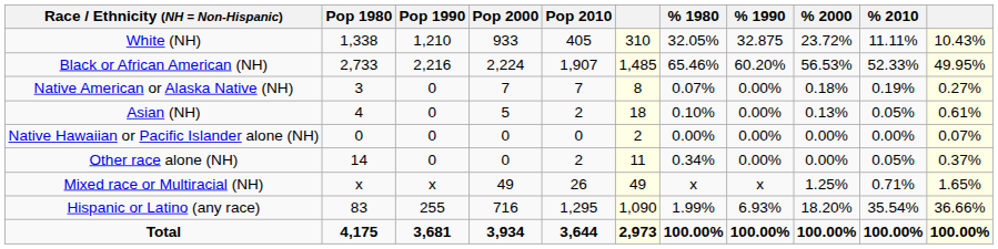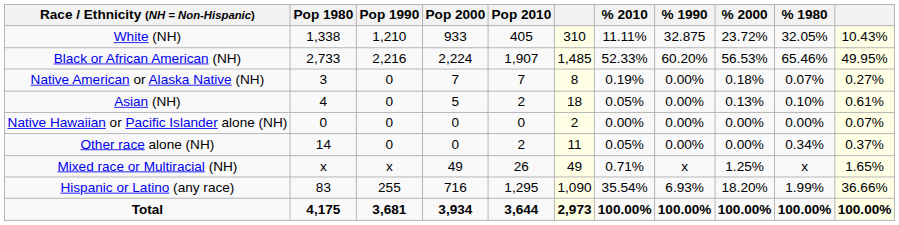 <table class="wikitable" style="text-align:center;">
 <tr>
 <th>Race / Ethnicity <small>(<em>NH = Non-Hispanic</em>)</small></th>
 <th>Pop 1980</th>
 <th>Pop 1990</th>
 <th>Pop 2000</th>
 <th>Pop 2010</th>
 <th></th>
-<th>% 1980</th>
+<th>% 2010</th>
 <th>% 1990</th>
 <th>% 2000</th>
-<th>% 2010</th>
+<th>% 1980</th>
 <th></th>
 </tr>
 <tr>
 <td><a href='#'>White</a> (NH)</td>
 <td>1,338</td>
 <td>1,210</td>
 <td>933</td>
 <td>405</td>
 <td style='background: #ffffe6;'>310</td>
-<td>32.05%</td>
+<td>11.11%</td>
 <td>32.875</td>
 <td>23.72%</td>
-<td>11.11%</td>
+<td>32.05%</td>
 <td style='background: #ffffe6;'>10.43%</td>
 </tr>
 <tr>
 <td><a href='#'>Black or African American</a> (NH)</td>
 <td>2,733</td>
 <td>2,216</td>
 <td>2,224</td>
 <td>1,907</td>
 <td style='background: #ffffe6;'>1,485</td>
-<td>65.46%</td>
+<td>52.33%</td>
 <td>60.20%</td>
 <td>56.53%</td>
-<td>52.33%</td>
+<td>65.46%</td>
 <td style='background: #ffffe6;'>49.95%</td>
 </tr>
 <tr>
 <td><a href='#'>Native American</a> or <a href='#'>Alaska Native</a> (NH)</td>
 <td>3 </td>
 <td>0</td>
 <td>7</td>
 <td>7</td>
 <td style='background: #ffffe6;'>8</td>
-<td>0.07%</td>
+<td>0.19%</td>
 <td>0.00%</td>
 <td>0.18%</td>
-<td>0.19%</td>
+<td>0.07%</td>
 <td style='background: #ffffe6;'>0.27%</td>
 </tr>
 <tr>
 <td><a href='#'>Asian</a> (NH)</td>
 <td>4 </td>
 <td>0</td>
 <td>5</td>
 <td>2</td>
 <td style='background: #ffffe6;'>18</td>
-<td>0.10%</td>
+<td>0.05%</td>
 <td>0.00%</td>
 <td>0.13%</td>
-<td>0.05%</td>
+<td>0.10%</td>
 <td style='background: #ffffe6;'>0.61%</td>
 </tr>
 <tr>
 <td><a href='#'>Native Hawaiian</a> or <a href='#'>Pacific Islander</a> alone (NH)</td>
 <td>0 </td>
 <td>0</td>
 <td>0</td>
 <td>0</td>
 <td style='background: #ffffe6;'>2</td>
 <td>0.00%</td>
 <td>0.00%</td>
 <td>0.00%</td>
 <td>0.00%</td>
 <td style='background: #ffffe6;'>0.07%</td>
 </tr>
 <tr>
 <td><a href='#'>Other race</a> alone (NH)</td>
 <td>14 </td>
 <td>0</td>
 <td>0</td>
 <td>2</td>
 <td style='background: #ffffe6;'>11</td>
-<td>0.34%</td>
+<td>0.05%</td>
 <td>0.00%</td>
 <td>0.00%</td>
-<td>0.05%</td>
+<td>0.34%</td>
 <td style='background: #ffffe6;'>0.37%</td>
 </tr>
 <tr>
 <td><a href='#'>Mixed race or Multiracial</a> (NH)</td>
 <td>x </td>
 <td>x </td>
 <td>49</td>
 <td>26</td>
 <td style='background: #ffffe6;'>49</td>
-<td>x</td>
+<td>0.71%</td>
 <td>x</td>
 <td>1.25%</td>
-<td>0.71%</td>
+<td>x</td>
 <td style='background: #ffffe6;'>1.65%</td>
 </tr>
 <tr>
 <td><a href='#'>Hispanic or Latino</a> (any race)</td>
 <td>83</td>
 <td>255</td>
 <td>716</td>
 <td>1,295</td>
 <td style='background: #ffffe6;'>1,090</td>
-<td>1.99%</td>
+<td>35.54%</td>
 <td>6.93%</td>
 <td>18.20%</td>
-<td>35.54%</td>
+<td>1.99%</td>
 <td style='background: #ffffe6;'>36.66%</td>
 </tr>
 <tr>
 <td><strong>Total</strong></td>
 <td><strong>4,175</strong></td>
 <td><strong>3,681</strong></td>
 <td><strong>3,934</strong></td>
 <td><strong>3,644</strong></td>
 <td style='background: #ffffe6;'><strong>2,973</strong></td>
 <td><strong>100.00%</strong></td>
 <td><strong>100.00%</strong></td>
 <td><strong>100.00%</strong></td>
 <td><strong>100.00%</strong></td>
 <td style='background: #ffffe6;'><strong>100.00%</strong></td>
 </tr>
 </table>
